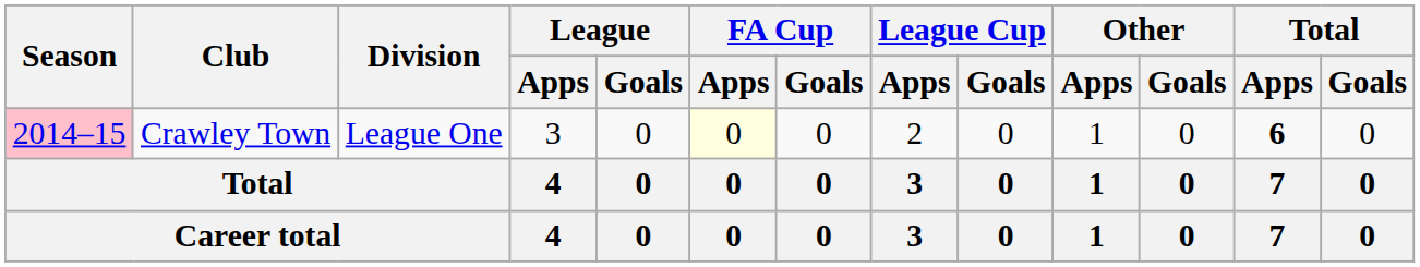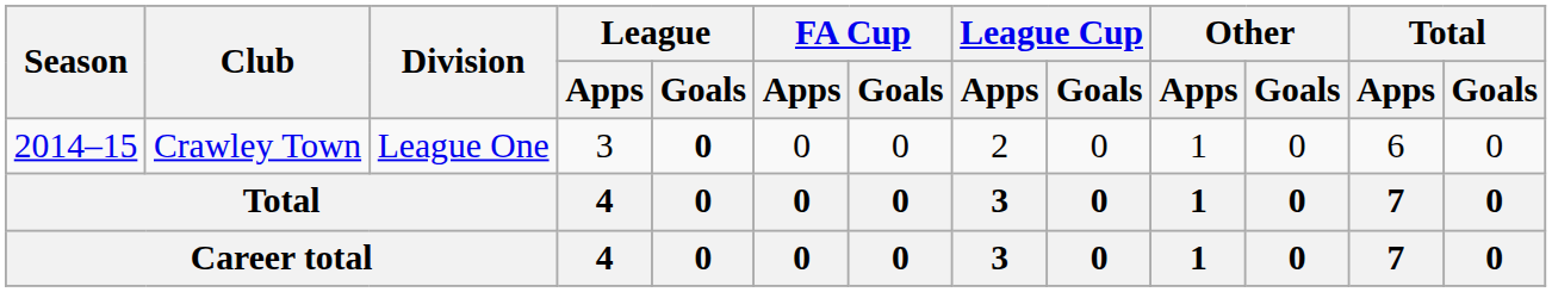 <table class="wikitable" style="text-align:center;">
 <tr>
 <th rowspan="2">Season</th>
 <th rowspan="2">Club</th>
 <th rowspan="2">Division</th>
 <th colspan="2">League</th>
 <th colspan="2"><a href='#'>FA Cup</a></th>
 <th colspan="2"><a href='#'>League Cup</a></th>
 <th colspan="2">Other</th>
 <th colspan="2">Total</th>
 </tr>
 <tr>
 <th>Apps</th>
 <th>Goals</th>
 <th>Apps</th>
 <th>Goals</th>
 <th>Apps</th>
 <th>Goals</th>
 <th>Apps</th>
 <th>Goals</th>
 <th>Apps</th>
 <th>Goals</th>
 </tr>
 <tr>
-<td style="background: pink;"><a href='#'>2014–15</a></td>
+<td><a href='#'>2014–15</a></td>
 <td><a href='#'>Crawley Town</a></td>
 <td><a href='#'>League One</a></td>
 <td>3</td>
+<td><strong>0</strong></td>
 <td>0</td>
-<td style="background: lightyellow;">0</td>
 <td>0</td>
 <td>2</td>
 <td>0</td>
 <td>1</td>
 <td>0</td>
-<td><strong>6</strong></td>
+<td>6</td>
 <td>0</td>
 </tr>
 <tr>
 <th colspan="3">Total</th>
 <th>4</th>
 <th>0</th>
 <th>0</th>
 <th>0</th>
 <th>3</th>
 <th>0</th>
 <th>1</th>
 <th>0</th>
 <th>7</th>
 <th>0</th>
 </tr>
 <tr>
 <th colspan="3">Career total</th>
 <th>4</th>
 <th>0</th>
 <th>0</th>
 <th>0</th>
 <th>3</th>
 <th>0</th>
 <th>1</th>
 <th>0</th>
 <th>7</th>
 <th>0</th>
 </tr>
 </table>
